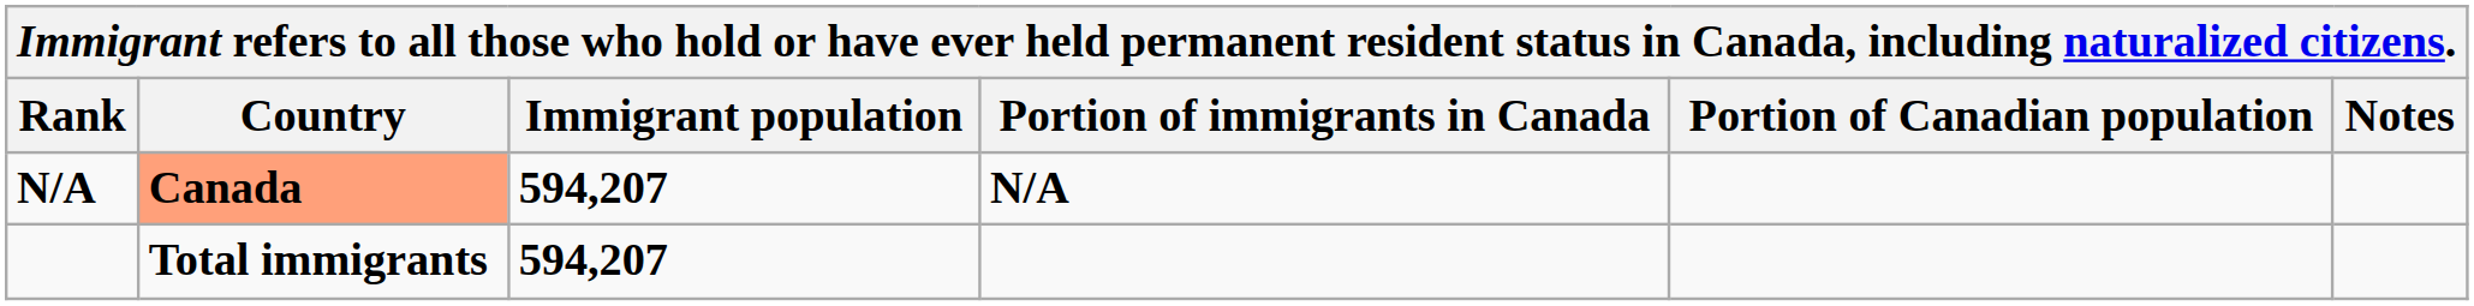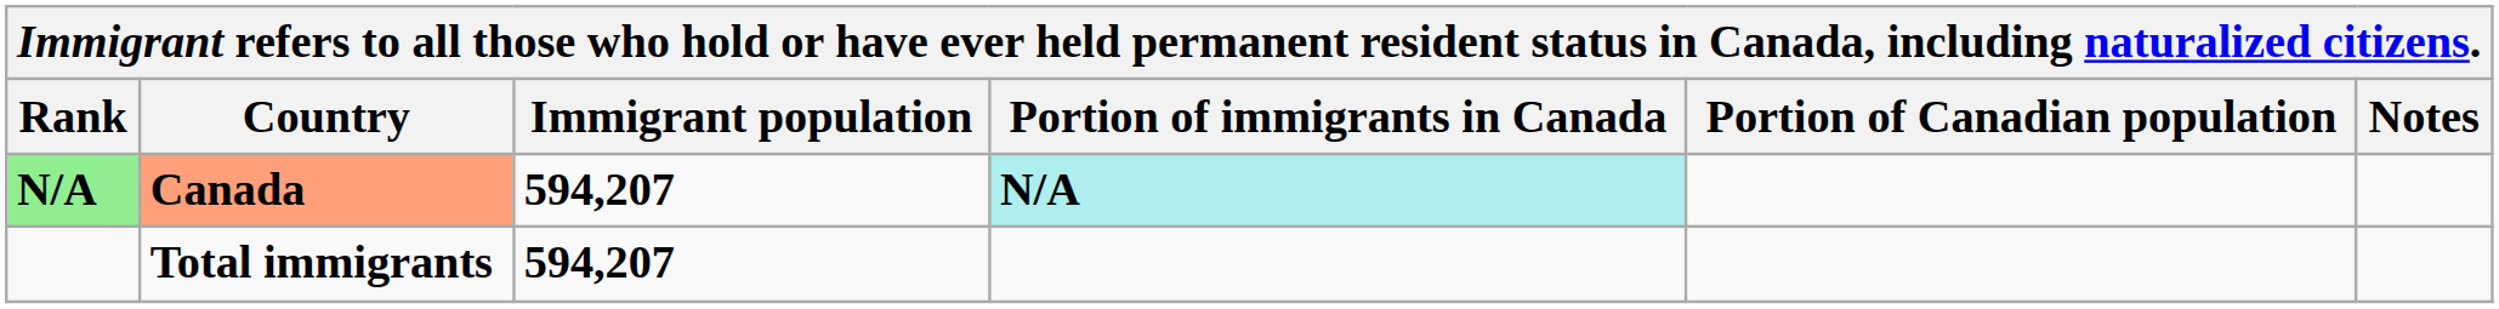 <table class="wikitable sortable">
 <tr>
 <th colspan="6"><em>Immigrant</em> refers to all those who hold or have ever held permanent resident status in Canada, including <a href='#'>naturalized citizens</a>.</th>
 </tr>
 <tr>
 <th>Rank</th>
 <th>Country</th>
 <th>Immigrant population</th>
 <th>Portion of immigrants in Canada</th>
 <th>Portion of Canadian population</th>
 <th>Notes</th>
 </tr>
 <tr>
-<td><strong>N/A</strong></td>
+<td style="background: lightgreen;"><strong>N/A</strong></td>
 <td style="background: lightsalmon;"><strong>Canada</strong></td>
 <td><strong>594,207</strong></td>
-<td><strong>N/A</strong></td>
+<td style="background: paleturquoise;"><strong>N/A</strong></td>
 <td><strong></strong></td>
 <td></td>
 </tr>
 <tr>
 <td></td>
 <td><strong>Total immigrants</strong></td>
 <td><strong>594,207</strong></td>
 <td><strong></strong></td>
 <td><strong></strong></td>
 </tr>
 </table>
